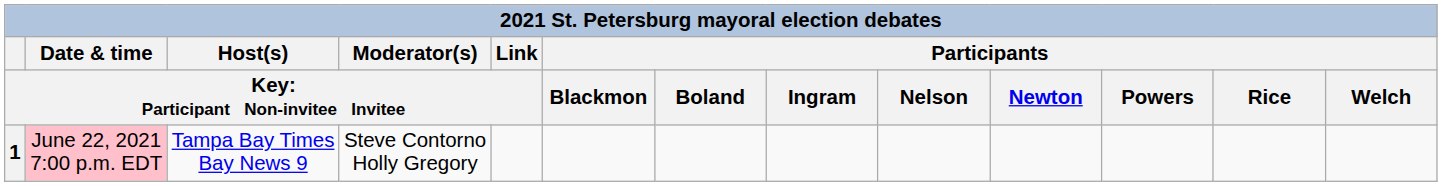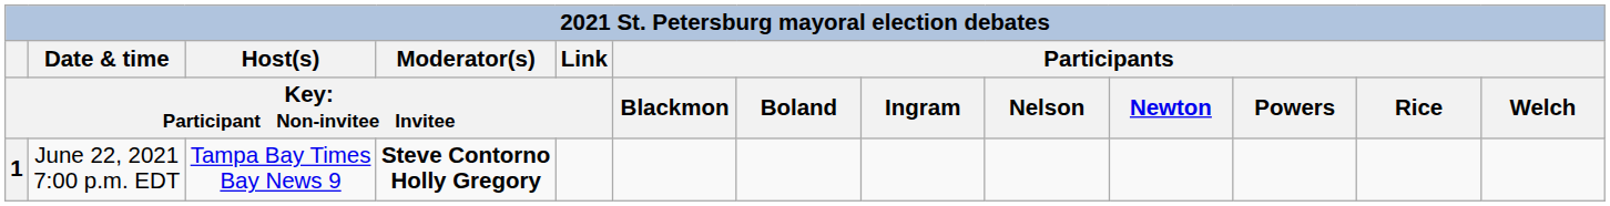 <table class="wikitable">
 <tr>
 <th style="background:#B0C4DE" colspan="16">2021 St. Petersburg mayoral election debates</th>
 </tr>
 <tr>
 <th style="white-space:nowrap;"> </th>
 <th>Date & time</th>
 <th>Host(s)</th>
 <th>Moderator(s)</th>
 <th>Link</th>
 <th scope="col" colspan="10">Participants</th>
 </tr>
 <tr>
 <th colspan="5" rowspan="1">Key:<small><br> Participant    Non-invitee    Invitee</small></th>
 <th scope="col" style="width:5em;">Blackmon</th>
 <th scope="col" style="width:5em;">Boland</th>
 <th scope="col" style="width:5em;">Ingram</th>
 <th scope="col" style="width:5em;">Nelson</th>
 <th scope="col" style="width:5em;"><a href='#'>Newton</a></th>
 <th scope="col" style="width:5em;">Powers</th>
 <th scope="col" style="width:5em;">Rice</th>
 <th scope="col" style="width:5em;">Welch<br></th>
 </tr>
 <tr>
 <th>1</th>
-<td align=center style="background: pink;">June 22, 2021<br>7:00 p.m. EDT</td>
+<td align=center>June 22, 2021<br>7:00 p.m. EDT</td>
 <td align=center><a href='#'>Tampa Bay Times</a><br><a href='#'>Bay News 9</a></td>
-<td align=center>Steve Contorno<br>Holly Gregory</td>
+<td align=center><strong>Steve Contorno<br>Holly Gregory</strong></td>
 <td align=center></td>
 <td></td>
 <td></td>
 <td></td>
 <td></td>
 <td></td>
 <td></td>
 <td></td>
 <td></td>
 </tr>
 </table>
